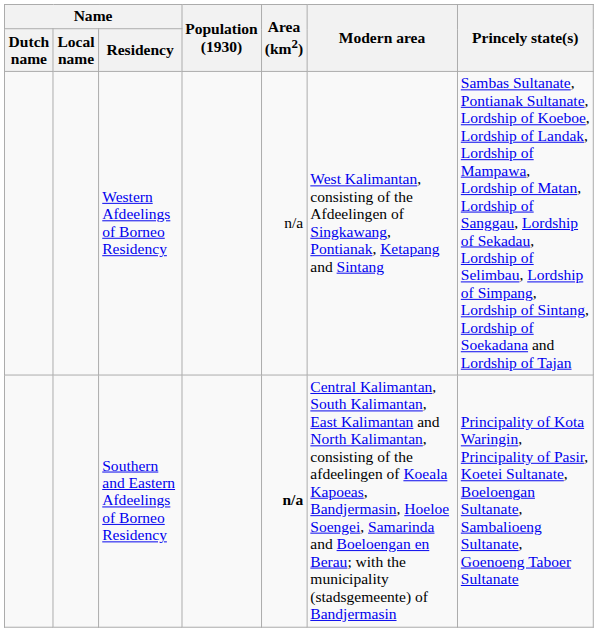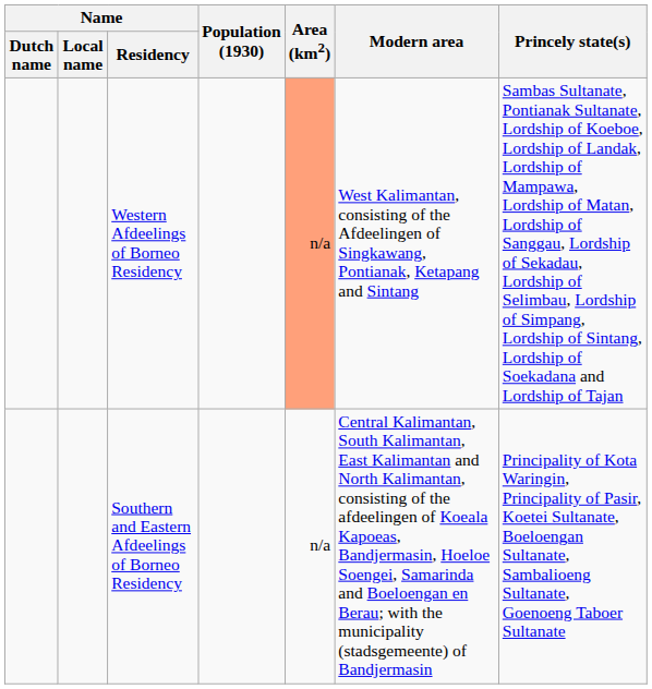 <table class=wikitable>
 <tr>
 <th colspan=3>Name</th>
 <th rowspan=2>Population<br>(1930)</th>
 <th rowspan=2>Area<br>(km<sup>2</sup>)</th>
 <th rowspan=2>Modern area</th>
 <th rowspan=2>Princely state(s)</th>
 </tr>
 <tr>
 <th>Dutch name</th>
 <th>Local name</th>
 <th>Residency</th>
 </tr>
 <tr>
 <td></td>
 <td></td>
 <td><a href='#'>Western Afdeelings of Borneo Residency</a></td>
 <td align=right></td>
-<td align=right>n/a</td>
+<td align=right style="background: lightsalmon;">n/a</td>
 <td><a href='#'>West Kalimantan</a>, consisting of the Afdeelingen of <a href='#'>Singkawang</a>, <a href='#'>Pontianak</a>, <a href='#'>Ketapang</a> and <a href='#'>Sintang</a></td>
 <td><a href='#'>Sambas Sultanate</a>, <a href='#'>Pontianak Sultanate</a>, <a href='#'>Lordship of Koeboe</a>, <a href='#'>Lordship of Landak</a>, <a href='#'>Lordship of Mampawa</a>, <a href='#'>Lordship of Matan</a>, <a href='#'>Lordship of Sanggau</a>, <a href='#'>Lordship of Sekadau</a>, <a href='#'>Lordship of Selimbau</a>, <a href='#'>Lordship of Simpang</a>, <a href='#'>Lordship of Sintang</a>, <a href='#'>Lordship of Soekadana</a> and <a href='#'>Lordship of Tajan</a></td>
 </tr>
 <tr>
 <td></td>
 <td></td>
 <td><a href='#'>Southern and Eastern Afdeelings of Borneo Residency</a></td>
 <td align=right></td>
-<td align=right><strong>n/a</strong></td>
+<td align=right>n/a</td>
 <td><a href='#'>Central Kalimantan</a>, <a href='#'>South Kalimantan</a>, <a href='#'>East Kalimantan</a> and <a href='#'>North Kalimantan</a>, consisting of the afdeelingen of <a href='#'>Koeala Kapoeas</a>, <a href='#'>Bandjermasin</a>, <a href='#'>Hoeloe Soengei</a>, <a href='#'>Samarinda</a> and <a href='#'>Boeloengan en Berau</a>; with the municipality (stadsgemeente) of <a href='#'>Bandjermasin</a></td>
 <td><a href='#'>Principality of Kota Waringin</a>, <a href='#'>Principality of Pasir</a>, <a href='#'>Koetei Sultanate</a>, <a href='#'>Boeloengan Sultanate</a>, <a href='#'>Sambalioeng Sultanate</a>, <a href='#'>Goenoeng Taboer Sultanate</a></td>
 </tr>
 </table>
